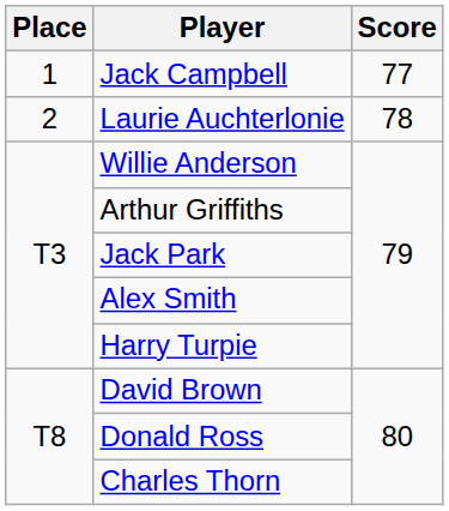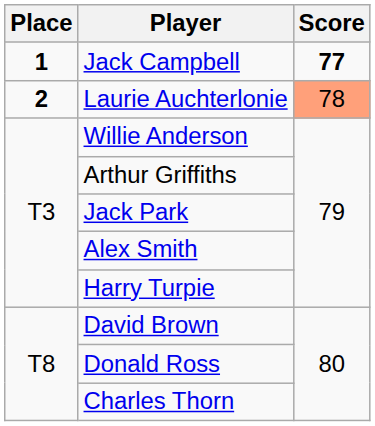 <table class=wikitable>
 <tr>
 <th>Place</th>
 <th>Player</th>
 <th>Score</th>
 </tr>
 <tr>
-<td align=center>1</td>
+<td align=center><strong>1</strong></td>
 <td> <a href='#'>Jack Campbell</a></td>
-<td align=center>77</td>
+<td align=center><strong>77</strong></td>
 </tr>
 <tr>
-<td align=center>2</td>
+<td align=center><strong>2</strong></td>
 <td> <a href='#'>Laurie Auchterlonie</a></td>
-<td align=center>78</td>
+<td align=center style="background: lightsalmon;">78</td>
 </tr>
 <tr>
 <td align=center rowspan=5>T3</td>
 <td> <a href='#'>Willie Anderson</a></td>
 <td align=center rowspan=5>79</td>
 </tr>
 <tr>
 <td> Arthur Griffiths</td>
 </tr>
 <tr>
 <td> <a href='#'>Jack Park</a></td>
 </tr>
 <tr>
 <td> <a href='#'>Alex Smith</a></td>
 </tr>
 <tr>
 <td> <a href='#'>Harry Turpie</a></td>
 </tr>
 <tr>
 <td rowspan=3 align=center>T8</td>
 <td> <a href='#'>David Brown</a></td>
 <td align=center rowspan=3>80</td>
 </tr>
 <tr>
 <td> <a href='#'>Donald Ross</a></td>
 </tr>
 <tr>
 <td> <a href='#'>Charles Thorn</a></td>
 </tr>
 </table>
